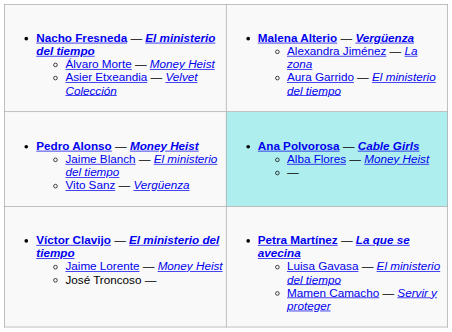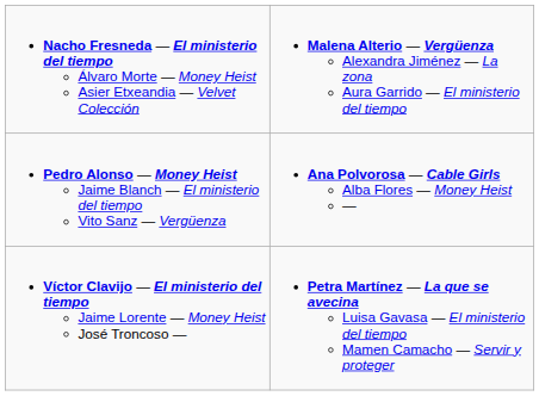 <table class=wikitable>
 <tr>
 <td style="vertical-align:top;" width="50%"><br><ul><li><strong><a href='#'>Nacho Fresneda</a></strong> — <strong><em><a href='#'>El ministerio del tiempo</a></em></strong><ul><li><a href='#'>Álvaro Morte</a> — <em><a href='#'>Money Heist</a></em></li><li><a href='#'>Asier Etxeandia</a> — <em><a href='#'>Velvet Colección</a></em></li></ul></li></ul></td>
 <td style="vertical-align:top;" width="50%"><br><ul><li><strong><a href='#'>Malena Alterio</a></strong> — <strong><em><a href='#'>Vergüenza</a></em></strong><ul><li><a href='#'>Alexandra Jiménez</a> — <em><a href='#'>La zona</a></em></li><li><a href='#'>Aura Garrido</a> — <em><a href='#'>El ministerio del tiempo</a></em></li></ul></li></ul></td>
 </tr>
 <tr>
 <td style="vertical-align:top;" width="50%"><br><ul><li><strong><a href='#'>Pedro Alonso</a></strong> — <strong><em><a href='#'>Money Heist</a></em></strong><ul><li><a href='#'>Jaime Blanch</a> — <em><a href='#'>El ministerio del tiempo</a></em></li><li><a href='#'>Vito Sanz</a> — <em><a href='#'>Vergüenza</a></em></li></ul></li></ul></td>
-<td style="background: paleturquoise; vertical-align:top;" width="50%"><br><ul><li><strong><a href='#'>Ana Polvorosa</a></strong> — <strong><em><a href='#'>Cable Girls</a></em></strong><ul><li><a href='#'>Alba Flores</a> — <em><a href='#'>Money Heist</a></em></li><li> — <em></em></li></ul></li></ul></td>
+<td style="vertical-align:top;" width="50%"><br><ul><li><strong><a href='#'>Ana Polvorosa</a></strong> — <strong><em><a href='#'>Cable Girls</a></em></strong><ul><li><a href='#'>Alba Flores</a> — <em><a href='#'>Money Heist</a></em></li><li> — <em></em></li></ul></li></ul></td>
 </tr>
 <tr>
 <td style="vertical-align:top;" width="50%"><br><ul><li><strong><a href='#'>Víctor Clavijo</a></strong> — <strong><em><a href='#'>El ministerio del tiempo</a></em></strong><ul><li><a href='#'>Jaime Lorente</a> — <em><a href='#'>Money Heist</a></em></li><li>José Troncoso — <em></em></li></ul></li></ul></td>
 <td style="vertical-align:top;" width="50%"><br><ul><li><strong><a href='#'>Petra Martínez</a></strong> — <strong><em><a href='#'>La que se avecina</a></em></strong><ul><li><a href='#'>Luisa Gavasa</a> — <em><a href='#'>El ministerio del tiempo</a></em></li><li><a href='#'>Mamen Camacho</a> — <em><a href='#'>Servir y proteger</a></em></li></ul></li></ul></td>
 </tr>
 </table>
